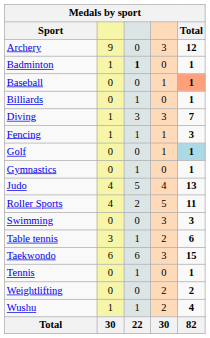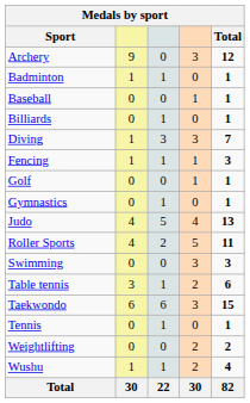 <table class="wikitable" style="font-size:90%; text-align:center;">
 <tr>
 <th colspan=5>Medals by sport</th>
 </tr>
 <tr>
 <th width=120>Sport</th>
 <th scope="col" width=30 style="background:#F7F6A8;"></th>
 <th scope="col" width=30 style="background:#DCE5E5;"></th>
 <th scope="col" width=30 style="background:#FFDAB9;"></th>
 <th width=30>Total</th>
 </tr>
 <tr>
 <td align=left><a href='#'>Archery</a></td>
 <td style="background:#F7F6A8;">9</td>
 <td style="background:#DCE5E5;">0</td>
 <td style="background:#FFDAB9;">3</td>
 <td><strong>12</strong></td>
 </tr>
 <tr>
 <td align=left><a href='#'>Badminton</a></td>
 <td style="background:#F7F6A8;">1</td>
-<td style="background:#DCE5E5;"><strong>1</strong></td>
+<td style="background:#DCE5E5;">1</td>
 <td style="background:#FFDAB9;">0</td>
 <td><strong>1</strong></td>
 </tr>
 <tr>
 <td align=left><a href='#'>Baseball</a></td>
 <td style="background:#F7F6A8;">0</td>
 <td style="background:#DCE5E5;">0</td>
 <td style="background:#FFDAB9;">1</td>
-<td style="background: lightsalmon;"><strong>1</strong></td>
+<td><strong>1</strong></td>
 </tr>
 <tr>
 <td align=left><a href='#'>Billiards</a></td>
 <td style="background:#F7F6A8;">0</td>
 <td style="background:#DCE5E5;">1</td>
 <td style="background:#FFDAB9;">0</td>
 <td><strong>1</strong></td>
 </tr>
 <tr>
 <td align=left><a href='#'>Diving</a></td>
 <td style="background:#F7F6A8;">1</td>
 <td style="background:#DCE5E5;">3</td>
 <td style="background:#FFDAB9;">3</td>
 <td><strong>7</strong></td>
 </tr>
 <tr>
 <td align=left><a href='#'>Fencing</a></td>
 <td style="background:#F7F6A8;">1</td>
 <td style="background:#DCE5E5;">1</td>
 <td style="background:#FFDAB9;">1</td>
 <td><strong>3</strong></td>
 </tr>
 <tr>
 <td align=left><a href='#'>Golf</a></td>
 <td style="background:#F7F6A8;">0</td>
 <td style="background:#DCE5E5;">0</td>
 <td style="background:#FFDAB9;">1</td>
-<td style="background: lightblue;"><strong>1</strong></td>
+<td><strong>1</strong></td>
 </tr>
 <tr>
 <td align=left><a href='#'>Gymnastics</a></td>
 <td style="background:#F7F6A8;">0</td>
 <td style="background:#DCE5E5;">1</td>
 <td style="background:#FFDAB9;">0</td>
 <td><strong>1</strong></td>
 </tr>
 <tr>
 <td align=left><a href='#'>Judo</a></td>
 <td style="background:#F7F6A8;">4</td>
 <td style="background:#DCE5E5;">5</td>
 <td style="background:#FFDAB9;">4</td>
 <td><strong>13</strong></td>
 </tr>
 <tr>
 <td align=left><a href='#'>Roller Sports</a></td>
 <td style="background:#F7F6A8;">4</td>
 <td style="background:#DCE5E5;">2</td>
 <td style="background:#FFDAB9;">5</td>
 <td><strong>11</strong></td>
 </tr>
 <tr>
 <td align=left><a href='#'>Swimming</a></td>
 <td style="background:#F7F6A8;">0</td>
 <td style="background:#DCE5E5;">0</td>
 <td style="background:#FFDAB9;">3</td>
 <td><strong>3</strong></td>
 </tr>
 <tr>
 <td align=left><a href='#'>Table tennis</a></td>
 <td style="background:#F7F6A8;">3</td>
 <td style="background:#DCE5E5;">1</td>
 <td style="background:#FFDAB9;">2</td>
 <td><strong>6</strong></td>
 </tr>
 <tr>
 <td align=left><a href='#'>Taekwondo</a></td>
 <td style="background:#F7F6A8;">6</td>
 <td style="background:#DCE5E5;">6</td>
 <td style="background:#FFDAB9;">3</td>
 <td><strong>15</strong></td>
 </tr>
 <tr>
 <td align=left><a href='#'>Tennis</a></td>
 <td style="background:#F7F6A8;">0</td>
 <td style="background:#DCE5E5;">1</td>
 <td style="background:#FFDAB9;">0</td>
 <td><strong>1</strong></td>
 </tr>
 <tr>
 <td align=left><a href='#'>Weightlifting</a></td>
 <td style="background:#F7F6A8;">0</td>
 <td style="background:#DCE5E5;">0</td>
 <td style="background:#FFDAB9;">2</td>
 <td><strong>2</strong></td>
 </tr>
 <tr>
 <td align=left><a href='#'>Wushu</a></td>
 <td style="background:#F7F6A8;">1</td>
 <td style="background:#DCE5E5;">1</td>
 <td style="background:#FFDAB9;">2</td>
 <td><strong>4</strong></td>
 </tr>
 <tr class="sortbottom">
 <th>Total</th>
 <th>30</th>
 <th>22</th>
 <th>30</th>
 <th>82</th>
 </tr>
 </table>
